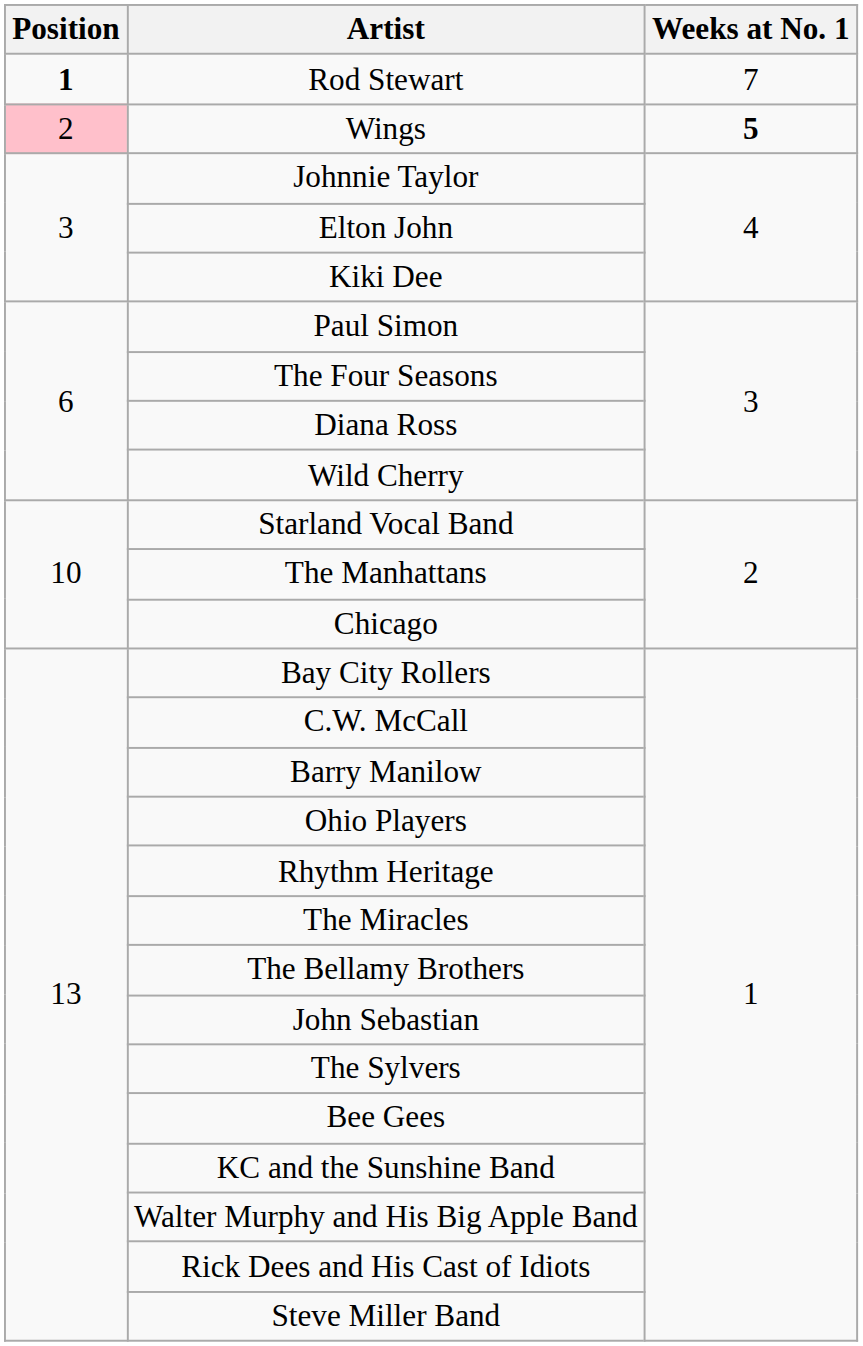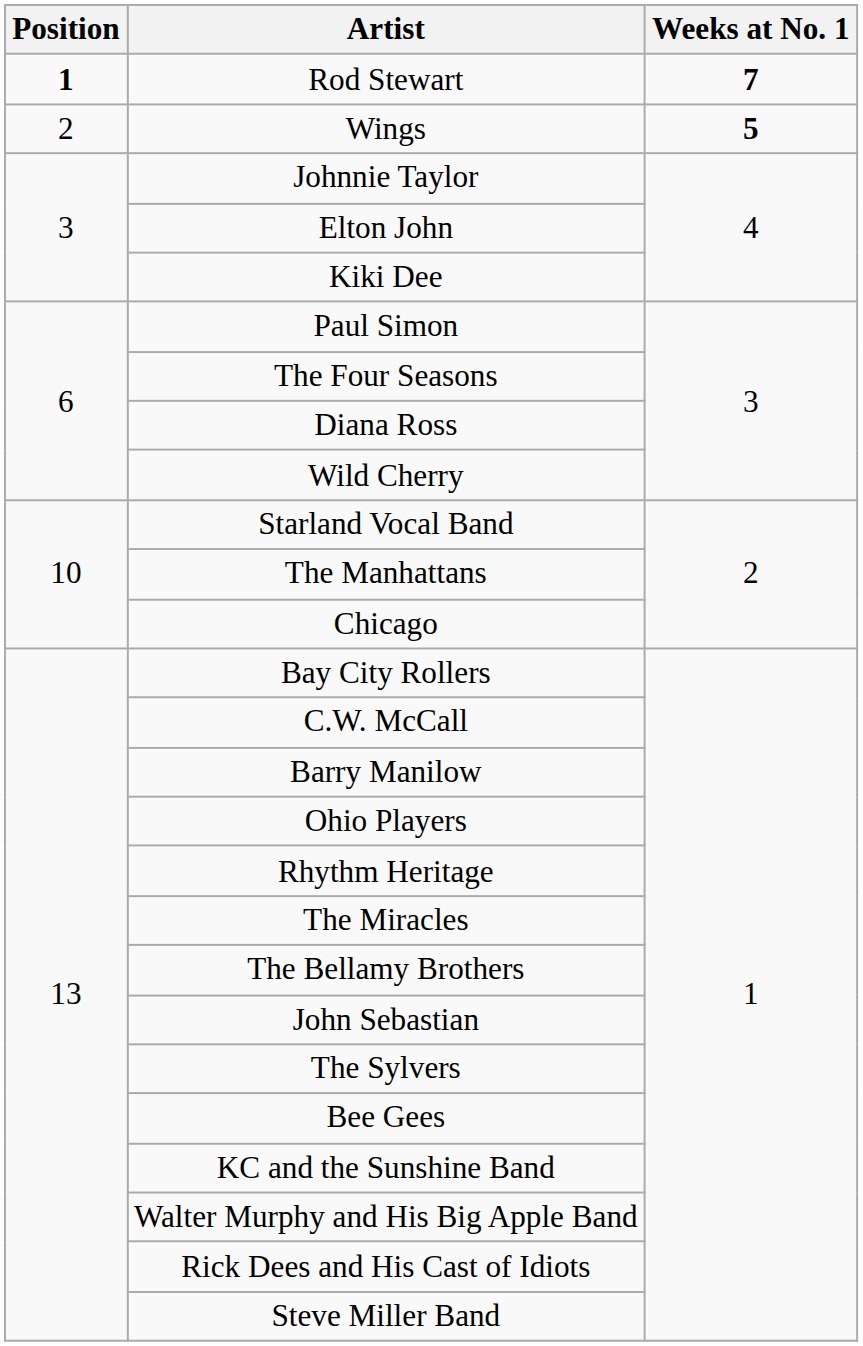 <table class="wikitable plainrowheaders" style="text-align:center;">
 <tr>
 <th>Position</th>
 <th>Artist</th>
 <th>Weeks at No. 1</th>
 </tr>
 <tr>
 <td><strong>1</strong></td>
 <td>Rod Stewart</td>
-<td>7</td>
+<td><strong>7</strong></td>
 </tr>
 <tr>
-<td style="background: pink;">2</td>
+<td>2</td>
 <td>Wings</td>
 <td><strong>5</strong></td>
 </tr>
 <tr>
 <td rowspan=3>3</td>
 <td>Johnnie Taylor</td>
 <td rowspan=3>4</td>
 </tr>
 <tr>
 <td>Elton John</td>
 </tr>
 <tr>
 <td>Kiki Dee</td>
 </tr>
 <tr>
 <td rowspan=4>6</td>
 <td>Paul Simon</td>
 <td rowspan=4>3</td>
 </tr>
 <tr>
 <td>The Four Seasons</td>
 </tr>
 <tr>
 <td>Diana Ross</td>
 </tr>
 <tr>
 <td>Wild Cherry</td>
 </tr>
 <tr>
 <td rowspan=3>10</td>
 <td>Starland Vocal Band</td>
 <td rowspan=3>2</td>
 </tr>
 <tr>
 <td>The Manhattans</td>
 </tr>
 <tr>
 <td>Chicago</td>
 </tr>
 <tr>
 <td rowspan=14>13</td>
 <td>Bay City Rollers</td>
 <td rowspan=14>1</td>
 </tr>
 <tr>
 <td>C.W. McCall</td>
 </tr>
 <tr>
 <td>Barry Manilow</td>
 </tr>
 <tr>
 <td>Ohio Players</td>
 </tr>
 <tr>
 <td>Rhythm Heritage</td>
 </tr>
 <tr>
 <td>The Miracles</td>
 </tr>
 <tr>
 <td>The Bellamy Brothers</td>
 </tr>
 <tr>
 <td>John Sebastian</td>
 </tr>
 <tr>
 <td>The Sylvers</td>
 </tr>
 <tr>
 <td>Bee Gees</td>
 </tr>
 <tr>
 <td>KC and the Sunshine Band</td>
 </tr>
 <tr>
 <td>Walter Murphy and His Big Apple Band</td>
 </tr>
 <tr>
 <td>Rick Dees and His Cast of Idiots</td>
 </tr>
 <tr>
 <td>Steve Miller Band</td>
 </tr>
 </table>
